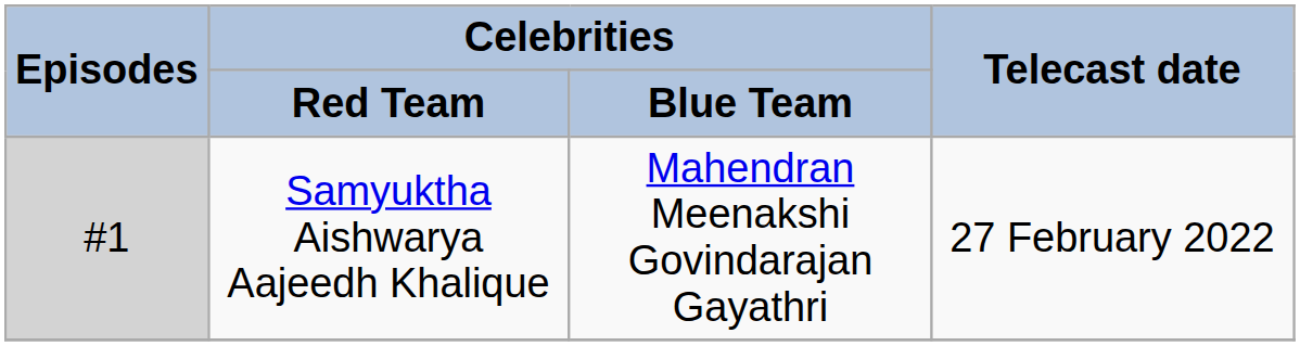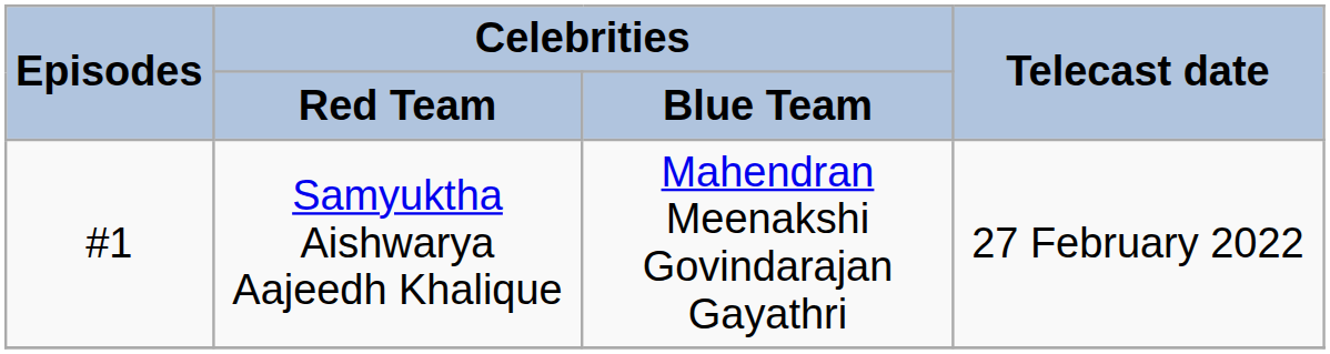 <table class="wikitable" style="text-align:center;">
 <tr>
 <th style="width:20pt; background:LightSteelBlue;" rowspan="2">Episodes</th>
 <th style="width:100pt; background:LightSteelBlue;" colspan="2">Celebrities</th>
 <th style="width:100pt; background:LightSteelBlue;" rowspan="2">Telecast date</th>
 </tr>
 <tr>
 <th style="width:100pt; background:LightSteelBlue;">Red Team</th>
 <th style="width:100pt; background:LightSteelBlue;">Blue Team</th>
 </tr>
 <tr>
-<td style="background: lightgrey;">#1</td>
+<td>#1</td>
 <td><a href='#'>Samyuktha</a> <br> Aishwarya <br> Aajeedh Khalique</td>
 <td><a href='#'>Mahendran</a> <br> Meenakshi Govindarajan <br> Gayathri</td>
 <td>27 February 2022</td>
 </tr>
 <tr>
 </tr>
 </table>
